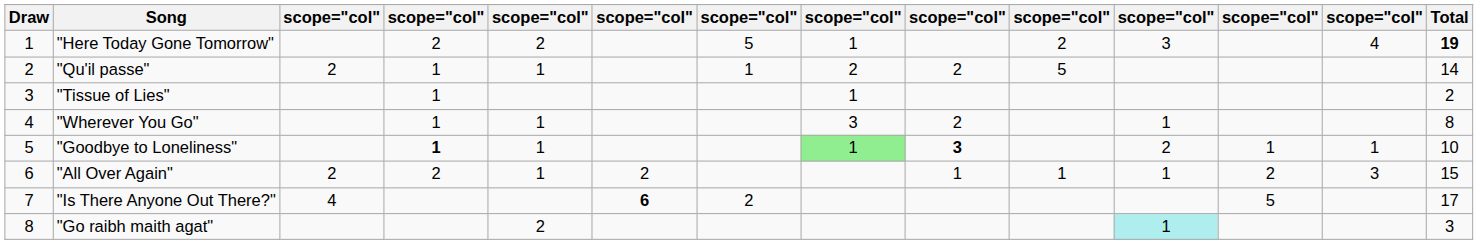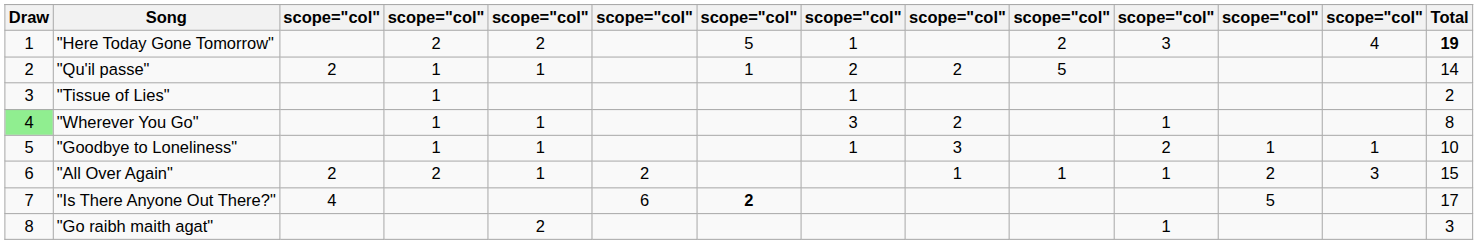 <table class="wikitable plainrowheaders" style="margin: 1em auto 1em auto; text-align:center;">
 <tr>
 </tr>
 <tr>
 <th scope="col">Draw</th>
 <th scope="col">Song</th>
 <th>scope="col" </th>
 <th>scope="col" </th>
 <th>scope="col" </th>
 <th>scope="col" </th>
 <th>scope="col" </th>
 <th>scope="col" </th>
 <th>scope="col" </th>
 <th>scope="col" </th>
 <th>scope="col" </th>
 <th>scope="col" </th>
 <th>scope="col" </th>
 <th scope="col">Total</th>
 </tr>
 <tr --->
 <td>1</td>
 <td align="left">"Here Today Gone Tomorrow"</td>
 <td></td>
 <td>2</td>
 <td>2</td>
 <td></td>
 <td>5</td>
 <td>1</td>
 <td></td>
 <td>2</td>
 <td>3</td>
 <td></td>
 <td>4</td>
 <td><strong>19</strong></td>
 </tr>
 <tr --->
 <td>2</td>
 <td align="left">"Qu'il passe"</td>
 <td>2</td>
 <td>1</td>
 <td>1</td>
 <td></td>
 <td>1</td>
 <td>2</td>
 <td>2</td>
 <td>5</td>
 <td></td>
 <td></td>
 <td></td>
 <td>14</td>
 </tr>
 <tr --->
 <td>3</td>
 <td align="left">"Tissue of Lies"</td>
 <td></td>
 <td>1</td>
 <td></td>
 <td></td>
 <td></td>
 <td>1</td>
 <td></td>
 <td></td>
 <td></td>
 <td></td>
 <td></td>
 <td>2</td>
 </tr>
 <tr --->
-<td>4</td>
+<td style="background: lightgreen;">4</td>
 <td align="left">"Wherever You Go"</td>
 <td></td>
 <td>1</td>
 <td>1</td>
 <td></td>
 <td></td>
 <td>3</td>
 <td>2</td>
 <td></td>
 <td>1</td>
 <td></td>
 <td></td>
 <td>8</td>
 </tr>
 <tr --->
 <td>5</td>
 <td align="left">"Goodbye to Loneliness"</td>
 <td></td>
-<td><strong>1</strong></td>
+<td>1</td>
 <td>1</td>
 <td></td>
 <td></td>
-<td style="background: lightgreen;">1</td>
-<td><strong>3</strong></td>
+<td>1</td>
+<td>3</td>
 <td></td>
 <td>2</td>
 <td>1</td>
 <td>1</td>
 <td>10</td>
 </tr>
 <tr --->
 <td>6</td>
 <td align="left">"All Over Again"</td>
 <td>2</td>
 <td>2</td>
 <td>1</td>
 <td>2</td>
 <td></td>
 <td></td>
 <td>1</td>
 <td>1</td>
 <td>1</td>
 <td>2</td>
 <td>3</td>
 <td>15</td>
 </tr>
 <tr --->
 <td>7</td>
 <td align="left">"Is There Anyone Out There?"</td>
 <td>4</td>
 <td></td>
 <td></td>
-<td><strong>6</strong></td>
-<td>2</td>
+<td>6</td>
+<td><strong>2</strong></td>
 <td></td>
 <td></td>
 <td></td>
 <td></td>
 <td>5</td>
 <td></td>
 <td>17</td>
 </tr>
 <tr --->
 <td>8</td>
 <td align="left">"Go raibh maith agat"</td>
 <td></td>
 <td></td>
 <td>2</td>
 <td></td>
 <td></td>
 <td></td>
 <td></td>
 <td></td>
-<td style="background: paleturquoise;">1</td>
+<td>1</td>
 <td></td>
 <td></td>
 <td>3</td>
 </tr>
 </table>
